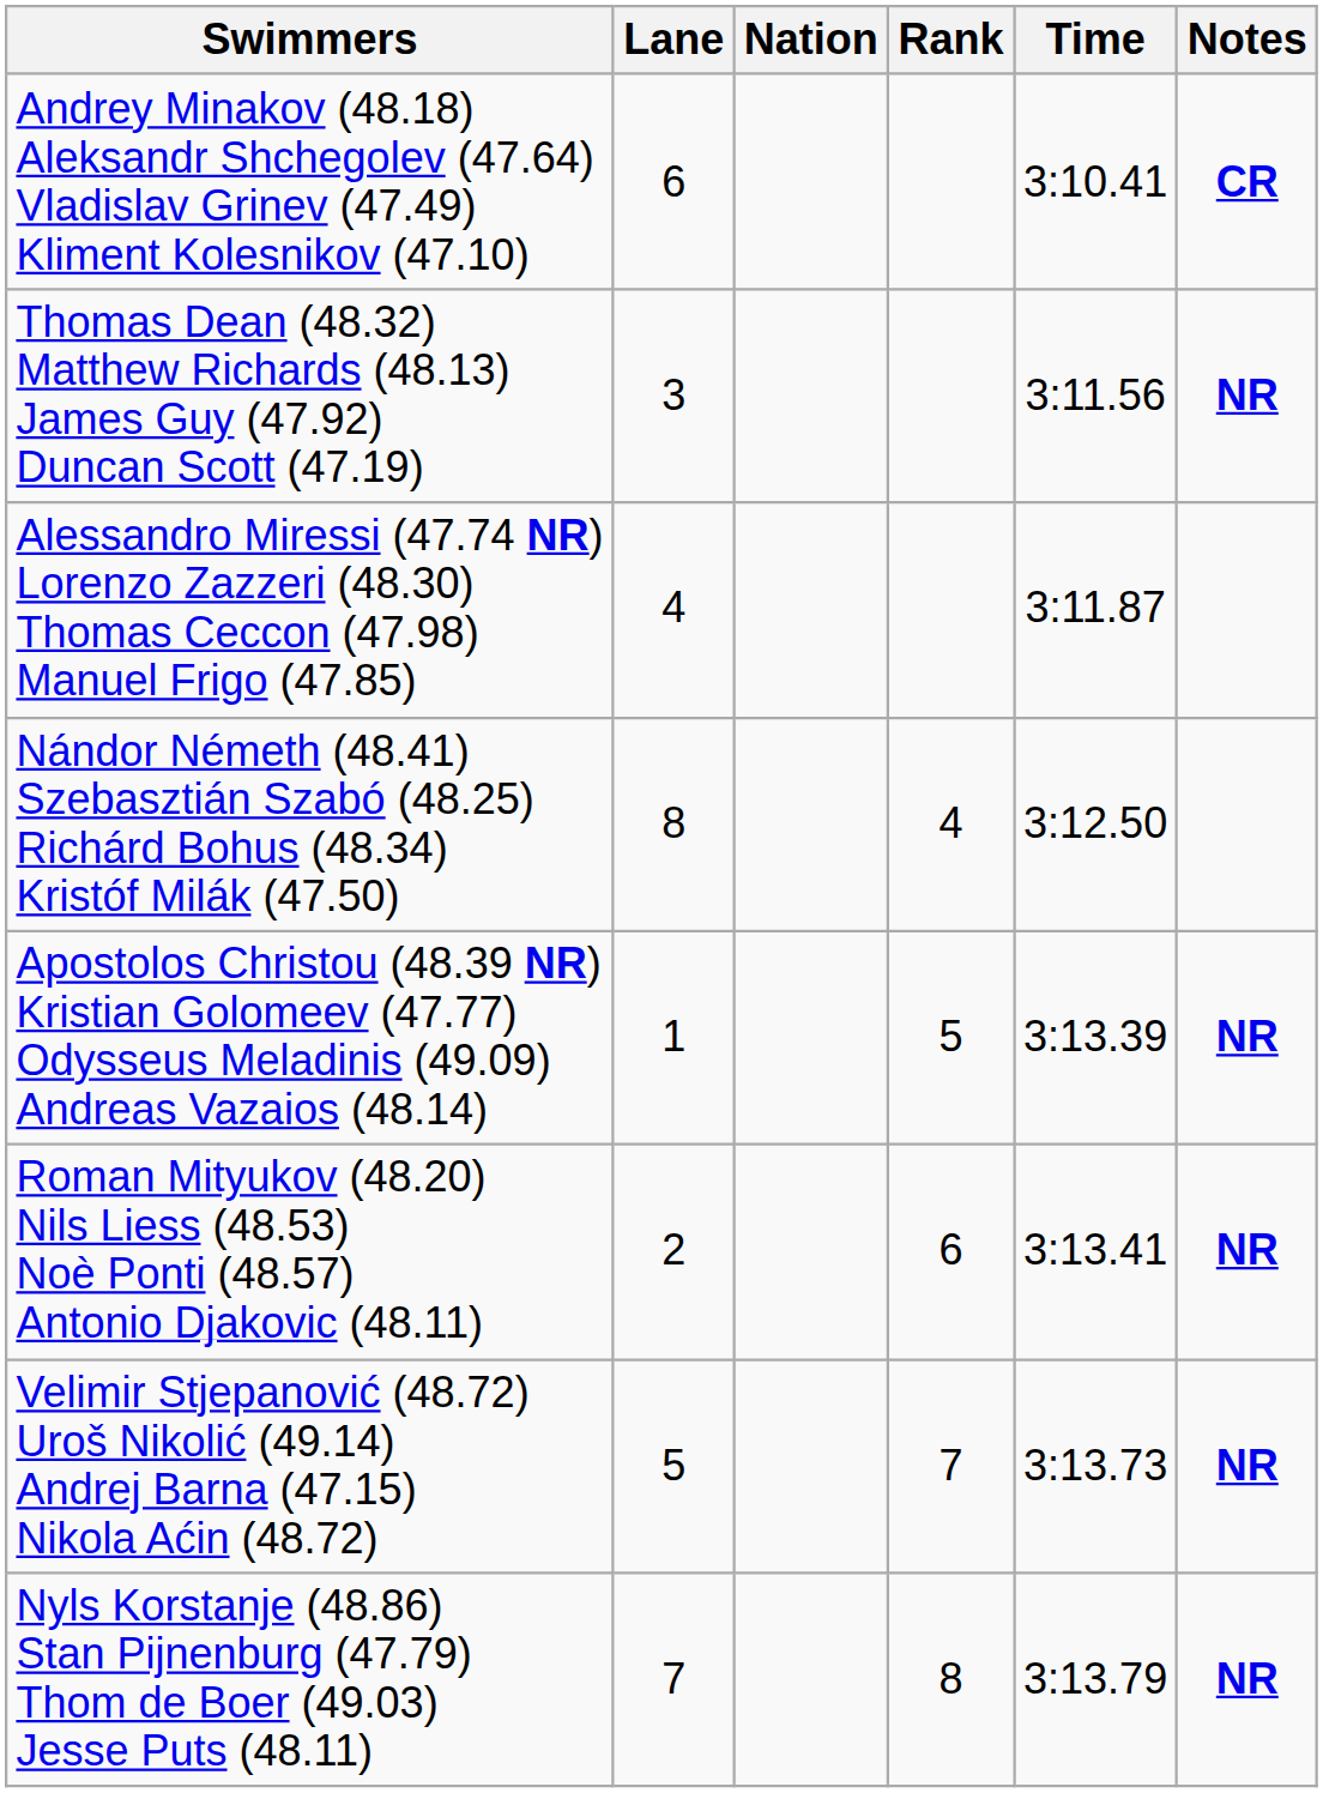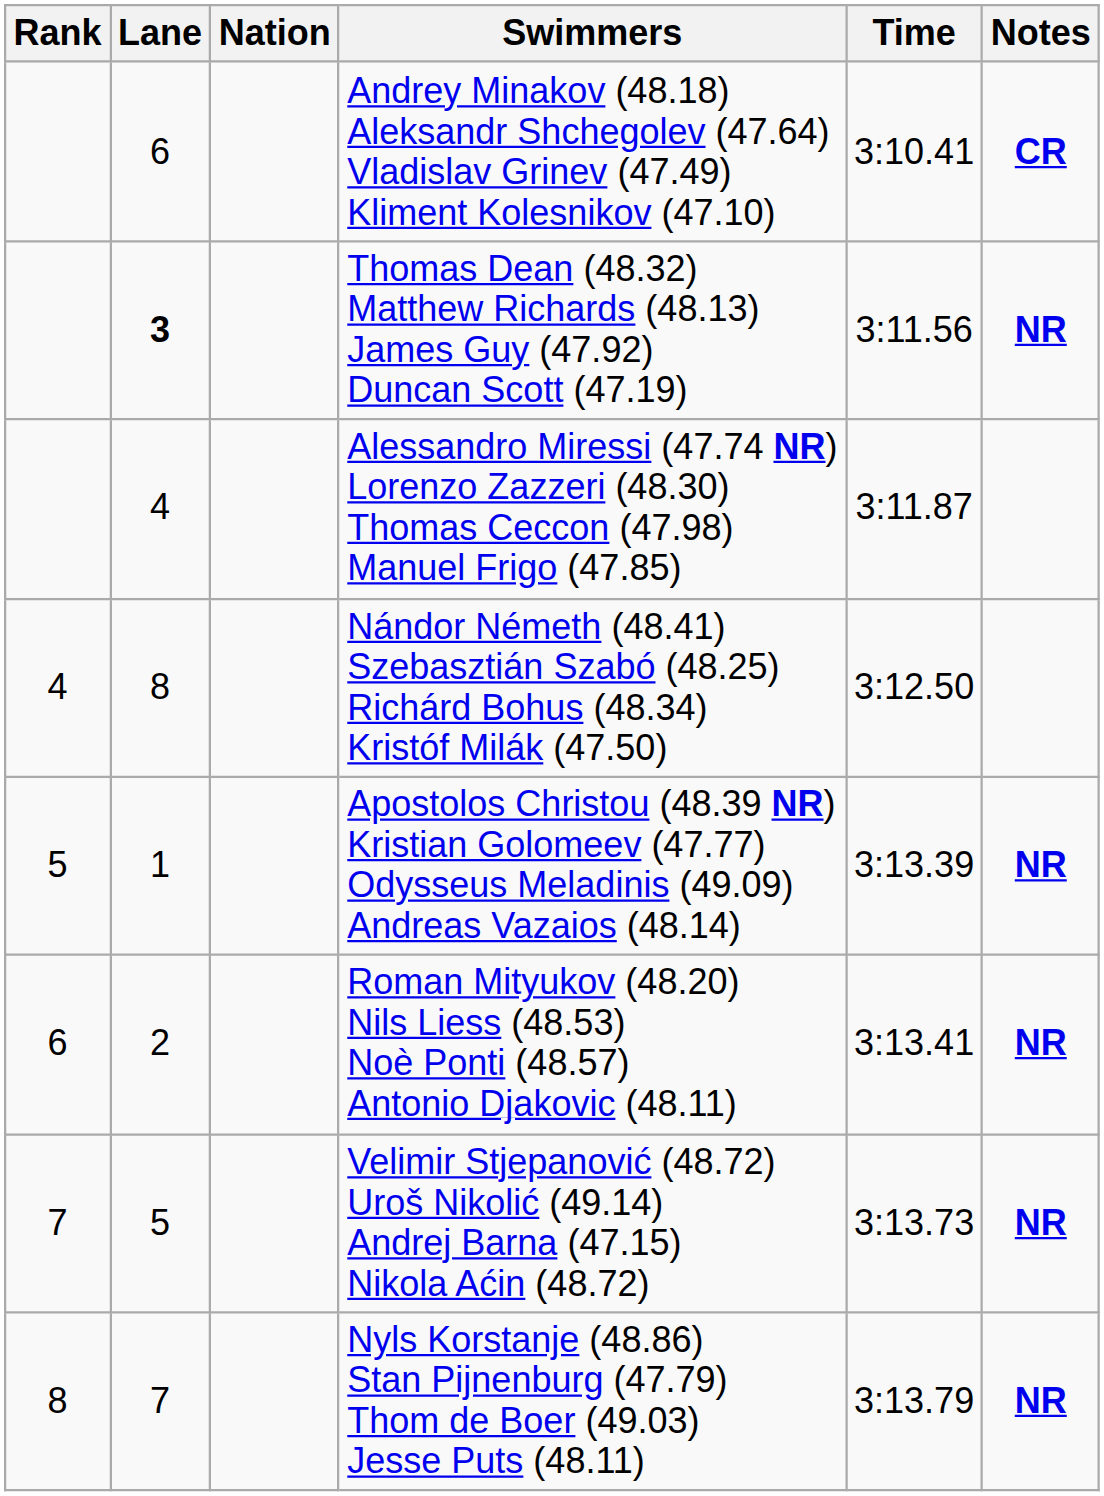 <table class="wikitable sortable" style="text-align:center">
 <tr>
-<th>Swimmers</th>
+<th>Rank</th>
 <th>Lane</th>
 <th>Nation</th>
-<th>Rank</th>
+<th>Swimmers</th>
 <th>Time</th>
 <th>Notes</th>
 </tr>
 <tr>
-<td align=left><a href='#'>Andrey Minakov</a> (48.18)<br><a href='#'>Aleksandr Shchegolev</a> (47.64)<br><a href='#'>Vladislav Grinev</a> (47.49)<br><a href='#'>Kliment Kolesnikov</a> (47.10)</td>
+<td></td>
 <td>6</td>
 <td align=left></td>
-<td></td>
+<td align=left><a href='#'>Andrey Minakov</a> (48.18)<br><a href='#'>Aleksandr Shchegolev</a> (47.64)<br><a href='#'>Vladislav Grinev</a> (47.49)<br><a href='#'>Kliment Kolesnikov</a> (47.10)</td>
 <td>3:10.41</td>
 <td><strong><a href='#'>CR</a></strong></td>
 </tr>
 <tr>
+<td></td>
+<td><strong>3</strong></td>
+<td align=left></td>
 <td align=left><a href='#'>Thomas Dean</a> (48.32)<br><a href='#'>Matthew Richards</a> (48.13)<br><a href='#'>James Guy</a> (47.92)<br><a href='#'>Duncan Scott</a> (47.19)</td>
-<td>3</td>
-<td align=left></td>
-<td></td>
 <td>3:11.56</td>
 <td><strong><a href='#'>NR</a></strong></td>
 </tr>
 <tr>
-<td align=left><a href='#'>Alessandro Miressi</a> (47.74 <strong><a href='#'>NR</a></strong>) <br><a href='#'>Lorenzo Zazzeri</a> (48.30)<br><a href='#'>Thomas Ceccon</a> (47.98)<br><a href='#'>Manuel Frigo</a> (47.85)</td>
+<td></td>
 <td>4</td>
 <td align=left></td>
-<td></td>
+<td align=left><a href='#'>Alessandro Miressi</a> (47.74 <strong><a href='#'>NR</a></strong>) <br><a href='#'>Lorenzo Zazzeri</a> (48.30)<br><a href='#'>Thomas Ceccon</a> (47.98)<br><a href='#'>Manuel Frigo</a> (47.85)</td>
 <td>3:11.87</td>
 <td></td>
 </tr>
 <tr>
-<td align=left><a href='#'>Nándor Németh</a> (48.41)<br><a href='#'>Szebasztián Szabó</a> (48.25)<br><a href='#'>Richárd Bohus</a> (48.34)<br><a href='#'>Kristóf Milák</a> (47.50)</td>
+<td>4</td>
 <td>8</td>
 <td align=left></td>
-<td>4</td>
+<td align=left><a href='#'>Nándor Németh</a> (48.41)<br><a href='#'>Szebasztián Szabó</a> (48.25)<br><a href='#'>Richárd Bohus</a> (48.34)<br><a href='#'>Kristóf Milák</a> (47.50)</td>
 <td>3:12.50</td>
 <td></td>
 </tr>
 <tr>
-<td align=left><a href='#'>Apostolos Christou</a> (48.39 <strong><a href='#'>NR</a></strong>)<br><a href='#'>Kristian Golomeev</a> (47.77)<br><a href='#'>Odysseus Meladinis</a> (49.09)<br><a href='#'>Andreas Vazaios</a> (48.14)</td>
+<td>5</td>
 <td>1</td>
 <td align=left></td>
-<td>5</td>
+<td align=left><a href='#'>Apostolos Christou</a> (48.39 <strong><a href='#'>NR</a></strong>)<br><a href='#'>Kristian Golomeev</a> (47.77)<br><a href='#'>Odysseus Meladinis</a> (49.09)<br><a href='#'>Andreas Vazaios</a> (48.14)</td>
 <td>3:13.39</td>
 <td><strong><a href='#'>NR</a></strong></td>
 </tr>
 <tr>
-<td align=left><a href='#'>Roman Mityukov</a> (48.20)<br><a href='#'>Nils Liess</a> (48.53)<br><a href='#'>Noè Ponti</a> (48.57)<br><a href='#'>Antonio Djakovic</a> (48.11)</td>
+<td>6</td>
 <td>2</td>
 <td align=left></td>
-<td>6</td>
+<td align=left><a href='#'>Roman Mityukov</a> (48.20)<br><a href='#'>Nils Liess</a> (48.53)<br><a href='#'>Noè Ponti</a> (48.57)<br><a href='#'>Antonio Djakovic</a> (48.11)</td>
 <td>3:13.41</td>
 <td><strong><a href='#'>NR</a></strong></td>
 </tr>
 <tr>
-<td align=left><a href='#'>Velimir Stjepanović</a> (48.72)<br><a href='#'>Uroš Nikolić</a> (49.14)<br><a href='#'>Andrej Barna</a> (47.15)<br><a href='#'>Nikola Aćin</a> (48.72)</td>
+<td>7</td>
 <td>5</td>
 <td align=left></td>
-<td>7</td>
+<td align=left><a href='#'>Velimir Stjepanović</a> (48.72)<br><a href='#'>Uroš Nikolić</a> (49.14)<br><a href='#'>Andrej Barna</a> (47.15)<br><a href='#'>Nikola Aćin</a> (48.72)</td>
 <td>3:13.73</td>
 <td><strong><a href='#'>NR</a></strong></td>
 </tr>
 <tr>
-<td align=left><a href='#'>Nyls Korstanje</a> (48.86)<br><a href='#'>Stan Pijnenburg</a> (47.79)<br><a href='#'>Thom de Boer</a> (49.03)<br><a href='#'>Jesse Puts</a> (48.11)</td>
+<td>8</td>
 <td>7</td>
 <td align=left></td>
-<td>8</td>
+<td align=left><a href='#'>Nyls Korstanje</a> (48.86)<br><a href='#'>Stan Pijnenburg</a> (47.79)<br><a href='#'>Thom de Boer</a> (49.03)<br><a href='#'>Jesse Puts</a> (48.11)</td>
 <td>3:13.79</td>
 <td><strong><a href='#'>NR</a></strong></td>
 </tr>
 </table>
